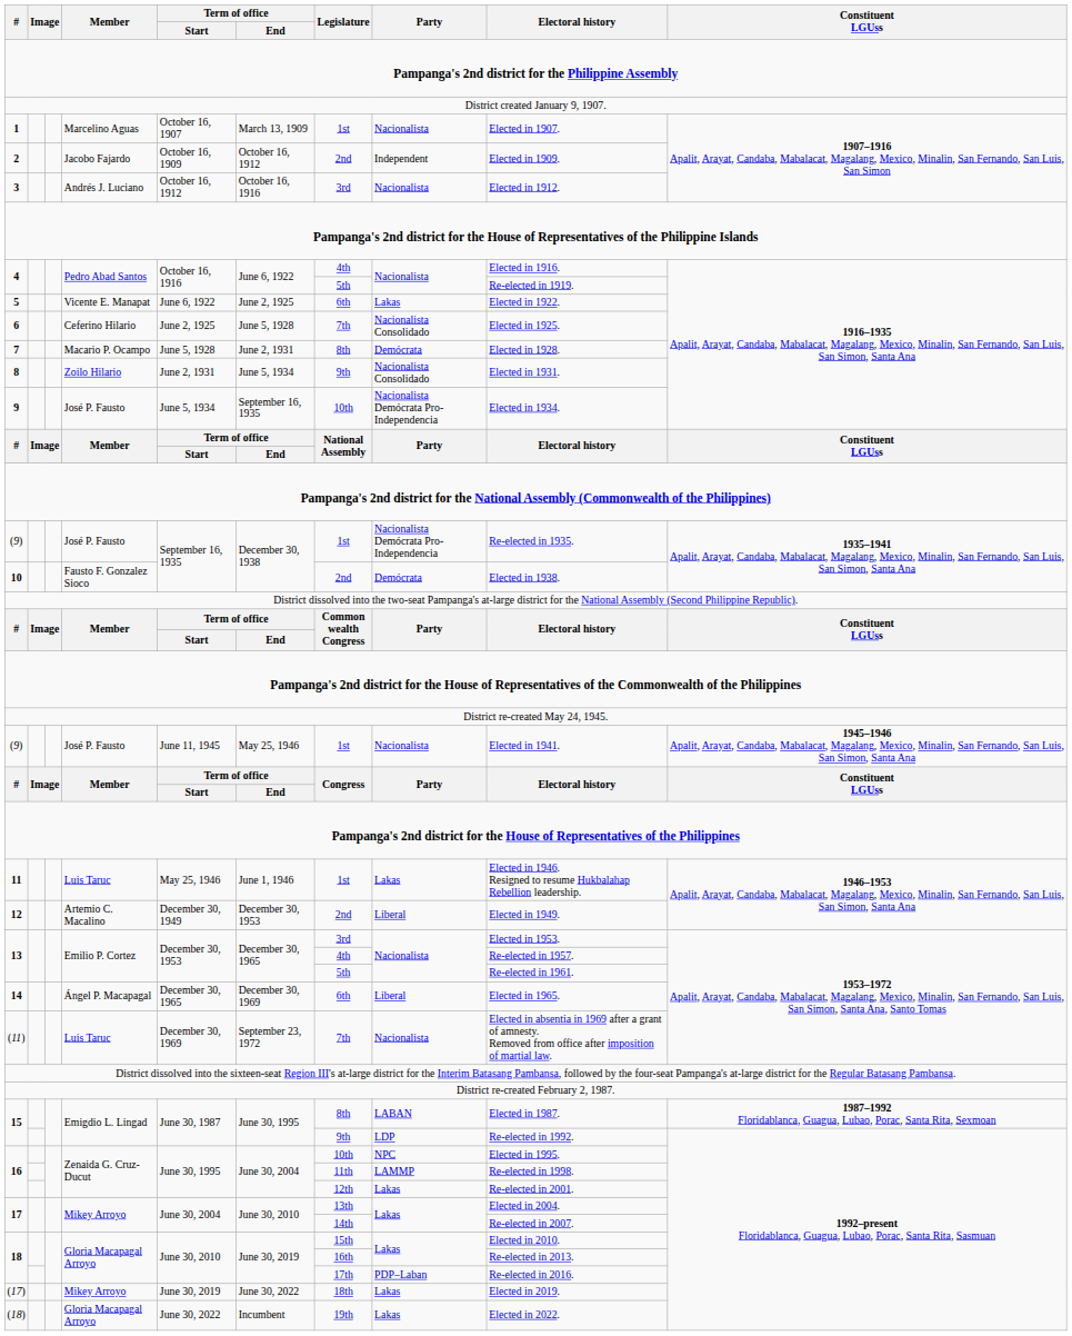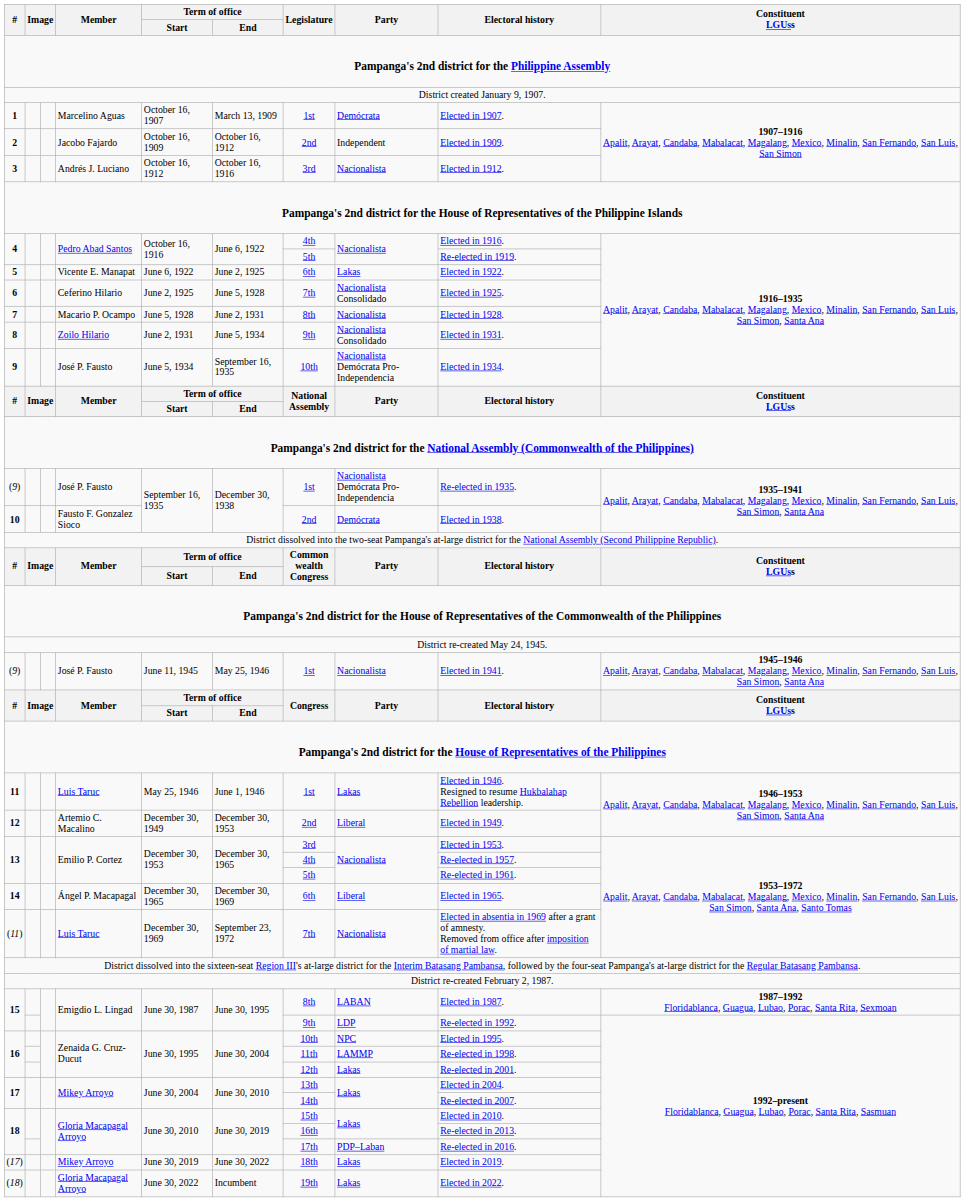 <table class=wikitable>
 <tr>
 <th rowspan="2">#</th>
 <th rowspan="2" colspan=2>Image</th>
 <th rowspan="2">Member</th>
 <th colspan=2>Term of office</th>
 <th rowspan="2">Legislature</th>
 <th rowspan="2">Party</th>
 <th rowspan="2">Electoral history</th>
 <th rowspan="2">Constituent<br><a href='#'>LGUs</a>s</th>
 </tr>
 <tr>
 <th>Start</th>
 <th>End</th>
 </tr>
 <tr>
 <td colspan="10" style="text-align:center;"><br><h3>Pampanga's 2nd district for the <a href='#'>Philippine Assembly</a></h3></td>
 </tr>
 <tr>
 <td colspan="10" style="text-align:center;">District created January 9, 1907.</td>
 </tr>
 <tr>
 <td style="text-align:center;"><strong>1</strong></td>
 <td style="color:inherit;background:"></td>
 <td></td>
 <td>Marcelino Aguas</td>
 <td>October 16, 1907</td>
 <td>March 13, 1909</td>
 <td style="text-align:center;"><a href='#'>1st</a></td>
-<td><a href='#'>Nacionalista</a></td>
+<td><a href='#'>Demócrata</a></td>
 <td><a href='#'>Elected in 1907</a>.</td>
 <td rowspan="3" style="text-align:center;"><strong>1907–1916</strong><br><a href='#'>Apalit</a>, <a href='#'>Arayat</a>, <a href='#'>Candaba</a>, <a href='#'>Mabalacat</a>, <a href='#'>Magalang</a>, <a href='#'>Mexico</a>, <a href='#'>Minalin</a>, <a href='#'>San Fernando</a>, <a href='#'>San Luis</a>, <a href='#'>San Simon</a></td>
 </tr>
 <tr>
 <td style="text-align:center;"><strong>2</strong></td>
 <td style="color:inherit;background:"></td>
 <td></td>
 <td>Jacobo Fajardo</td>
 <td>October 16, 1909</td>
 <td>October 16, 1912</td>
 <td style="text-align:center;"><a href='#'>2nd</a></td>
 <td>Independent</td>
 <td><a href='#'>Elected in 1909</a>.</td>
 </tr>
 <tr>
 <td style="text-align:center;"><strong>3</strong></td>
 <td style="color:inherit;background:"></td>
 <td></td>
 <td>Andrés J. Luciano</td>
 <td>October 16, 1912</td>
 <td>October 16, 1916</td>
 <td style="text-align:center;"><a href='#'>3rd</a></td>
 <td><a href='#'>Nacionalista</a></td>
 <td><a href='#'>Elected in 1912</a>.</td>
 </tr>
 <tr>
 <td colspan="10" style="text-align:center;"><br><h3>Pampanga's 2nd district for the House of Representatives of the Philippine Islands</h3></td>
 </tr>
 <tr>
 <td rowspan="2" style="text-align:center;"><strong>4</strong></td>
 <td rowspan="2" style="color:inherit;background:"></td>
 <td rowspan="2"></td>
 <td rowspan="2"><a href='#'>Pedro Abad Santos</a></td>
 <td rowspan="2">October 16, 1916</td>
 <td rowspan="2">June 6, 1922</td>
 <td style="text-align:center;"><a href='#'>4th</a></td>
 <td rowspan="2"><a href='#'>Nacionalista</a></td>
 <td><a href='#'>Elected in 1916</a>.</td>
 <td rowspan="7" style="text-align:center;"><strong>1916–1935</strong><br><a href='#'>Apalit</a>, <a href='#'>Arayat</a>, <a href='#'>Candaba</a>, <a href='#'>Mabalacat</a>, <a href='#'>Magalang</a>, <a href='#'>Mexico</a>, <a href='#'>Minalin</a>, <a href='#'>San Fernando</a>, <a href='#'>San Luis</a>, <a href='#'>San Simon</a>, <a href='#'>Santa Ana</a></td>
 </tr>
 <tr>
 <td style="text-align:center;"><a href='#'>5th</a></td>
 <td><a href='#'>Re-elected in 1919</a>.</td>
 </tr>
 <tr>
 <td style="text-align:center;"><strong>5</strong></td>
 <td style="color:inherit;background:"></td>
 <td></td>
 <td>Vicente E. Manapat</td>
 <td>June 6, 1922</td>
 <td>June 2, 1925</td>
 <td style="text-align:center;"><a href='#'>6th</a></td>
 <td><a href='#'>Lakas</a></td>
 <td><a href='#'>Elected in 1922</a>.</td>
 </tr>
 <tr>
 <td style="text-align:center;"><strong>6</strong></td>
 <td style="color:inherit;background:"></td>
 <td></td>
 <td>Ceferino Hilario</td>
 <td>June 2, 1925</td>
 <td>June 5, 1928</td>
 <td style="text-align:center;"><a href='#'>7th</a></td>
 <td><a href='#'>Nacionalista</a><br>Consolidado</td>
 <td><a href='#'>Elected in 1925</a>.</td>
 </tr>
 <tr>
 <td style="text-align:center;"><strong>7</strong></td>
 <td style="color:inherit;background:"></td>
 <td></td>
 <td>Macario P. Ocampo</td>
 <td>June 5, 1928</td>
 <td>June 2, 1931</td>
 <td style="text-align:center;"><a href='#'>8th</a></td>
-<td><a href='#'>Demócrata</a></td>
+<td><a href='#'>Nacionalista</a></td>
 <td><a href='#'>Elected in 1928</a>.</td>
 </tr>
 <tr>
 <td style="text-align:center;"><strong>8</strong></td>
 <td style="color:inherit;background:"></td>
 <td></td>
 <td><a href='#'>Zoilo Hilario</a></td>
 <td>June 2, 1931</td>
 <td>June 5, 1934</td>
 <td style="text-align:center;"><a href='#'>9th</a></td>
 <td><a href='#'>Nacionalista</a><br>Consolidado</td>
 <td><a href='#'>Elected in 1931</a>.</td>
 </tr>
 <tr>
 <td style="text-align:center;"><strong>9</strong></td>
 <td style="color:inherit;background:"></td>
 <td></td>
 <td>José P. Fausto</td>
 <td>June 5, 1934</td>
 <td>September 16, 1935</td>
 <td style="text-align:center;"><a href='#'>10th</a></td>
 <td><a href='#'>Nacionalista</a><br>Demócrata Pro-Independencia</td>
 <td><a href='#'>Elected in 1934</a>.</td>
 </tr>
 <tr>
 <th rowspan="2">#</th>
 <th rowspan="2" colspan=2>Image</th>
 <th rowspan="2">Member</th>
 <th colspan=2>Term of office</th>
 <th rowspan="2">National<br>Assembly</th>
 <th rowspan="2">Party</th>
 <th rowspan="2">Electoral history</th>
 <th rowspan="2">Constituent<br><a href='#'>LGUs</a>s</th>
 </tr>
 <tr>
 <th>Start</th>
 <th>End</th>
 </tr>
 <tr>
 <td colspan="10" style="text-align:center;"><br><h3>Pampanga's 2nd district for the <a href='#'>National Assembly (Commonwealth of the Philippines)</a></h3></td>
 </tr>
 <tr>
 <td style="text-align:center;">(<em>9</em>)</td>
 <td style="color:inherit;background:"></td>
 <td></td>
 <td>José P. Fausto</td>
 <td rowspan="2">September 16, 1935</td>
 <td rowspan="2">December 30, 1938</td>
 <td style="text-align:center;"><a href='#'>1st</a></td>
 <td><a href='#'>Nacionalista</a><br>Demócrata Pro-Independencia</td>
 <td><a href='#'>Re-elected in 1935</a>.</td>
 <td rowspan="2" style="text-align:center;"><strong>1935–1941</strong><br><a href='#'>Apalit</a>, <a href='#'>Arayat</a>, <a href='#'>Candaba</a>, <a href='#'>Mabalacat</a>, <a href='#'>Magalang</a>, <a href='#'>Mexico</a>, <a href='#'>Minalin</a>, <a href='#'>San Fernando</a>, <a href='#'>San Luis</a>, <a href='#'>San Simon</a>, <a href='#'>Santa Ana</a></td>
 </tr>
 <tr>
 <td style="text-align:center;"><strong>10</strong></td>
 <td style="color:inherit;background:"></td>
 <td></td>
 <td>Fausto F. Gonzalez Sioco</td>
 <td style="text-align:center;"><a href='#'>2nd</a></td>
 <td><a href='#'>Demócrata</a></td>
 <td><a href='#'>Elected in 1938</a>.</td>
 </tr>
 <tr>
 <td colspan="10" style="text-align:center;">District dissolved into the two-seat Pampanga's at-large district for the <a href='#'>National Assembly (Second Philippine Republic)</a>.</td>
 </tr>
 <tr>
 <th rowspan="2">#</th>
 <th rowspan="2" colspan=2>Image</th>
 <th rowspan="2">Member</th>
 <th colspan=2>Term of office</th>
 <th rowspan="2">Common<br>wealth<br>Congress</th>
 <th rowspan="2">Party</th>
 <th rowspan="2">Electoral history</th>
 <th rowspan="2">Constituent<br><a href='#'>LGUs</a>s</th>
 </tr>
 <tr>
 <th>Start</th>
 <th>End</th>
 </tr>
 <tr>
 <td colspan="10" style="text-align:center;"><br><h3>Pampanga's 2nd district for the House of Representatives of the Commonwealth of the Philippines</h3></td>
 </tr>
 <tr>
 <td colspan="10" style="text-align:center;">District re-created May 24, 1945.</td>
 </tr>
 <tr>
 <td style="text-align:center;">(<em>9</em>)</td>
 <td style="color:inherit;background:"></td>
 <td></td>
 <td>José P. Fausto</td>
 <td>June 11, 1945</td>
 <td>May 25, 1946</td>
 <td style="text-align:center;"><a href='#'>1st</a></td>
 <td><a href='#'>Nacionalista</a></td>
 <td><a href='#'>Elected in 1941</a>.</td>
 <td style="text-align:center;"><strong>1945–1946</strong><br><a href='#'>Apalit</a>, <a href='#'>Arayat</a>, <a href='#'>Candaba</a>, <a href='#'>Mabalacat</a>, <a href='#'>Magalang</a>, <a href='#'>Mexico</a>, <a href='#'>Minalin</a>, <a href='#'>San Fernando</a>, <a href='#'>San Luis</a>, <a href='#'>San Simon</a>, <a href='#'>Santa Ana</a></td>
 </tr>
 <tr>
 <th rowspan="2">#</th>
 <th rowspan="2" colspan=2>Image</th>
 <th rowspan="2">Member</th>
 <th colspan=2>Term of office</th>
 <th rowspan="2">Congress</th>
 <th rowspan="2">Party</th>
 <th rowspan="2">Electoral history</th>
 <th rowspan="2">Constituent<br><a href='#'>LGUs</a>s</th>
 </tr>
 <tr>
 <th>Start</th>
 <th>End</th>
 </tr>
 <tr>
 <td colspan="10" style="text-align:center;"><br><h3>Pampanga's 2nd district for the <a href='#'>House of Representatives of the Philippines</a></h3></td>
 </tr>
 <tr>
 <td style="text-align:center;"><strong>11</strong></td>
 <td style="color:inherit;background:"></td>
 <td></td>
 <td><a href='#'>Luis Taruc</a></td>
 <td>May 25, 1946</td>
 <td>June 1, 1946</td>
 <td style="text-align:center;"><a href='#'>1st</a></td>
 <td><a href='#'>Lakas</a></td>
 <td><a href='#'>Elected in 1946</a>.<br>Resigned to resume <a href='#'>Hukbalahap Rebellion</a> leadership.</td>
 <td rowspan="2" style="text-align:center;"><strong>1946–1953</strong><br><a href='#'>Apalit</a>, <a href='#'>Arayat</a>, <a href='#'>Candaba</a>, <a href='#'>Mabalacat</a>, <a href='#'>Magalang</a>, <a href='#'>Mexico</a>, <a href='#'>Minalin</a>, <a href='#'>San Fernando</a>, <a href='#'>San Luis</a>, <a href='#'>San Simon</a>, <a href='#'>Santa Ana</a></td>
 </tr>
 <tr>
 <td style="text-align:center;"><strong>12</strong></td>
 <td style="color:inherit;background:"></td>
 <td></td>
 <td>Artemio C. Macalino</td>
 <td>December 30, 1949</td>
 <td>December 30, 1953</td>
 <td style="text-align:center;"><a href='#'>2nd</a></td>
 <td><a href='#'>Liberal</a></td>
 <td><a href='#'>Elected in 1949</a>.</td>
 </tr>
 <tr>
 <td rowspan="3" style="text-align:center;"><strong>13</strong></td>
 <td rowspan="3" style="color:inherit;background:"></td>
 <td rowspan="3"></td>
 <td rowspan="3">Emilio P. Cortez</td>
 <td rowspan="3">December 30, 1953</td>
 <td rowspan="3">December 30, 1965</td>
 <td style="text-align:center;"><a href='#'>3rd</a></td>
 <td rowspan="3"><a href='#'>Nacionalista</a></td>
 <td><a href='#'>Elected in 1953</a>.</td>
 <td rowspan="5" style="text-align:center;"><strong>1953–1972</strong><br><a href='#'>Apalit</a>, <a href='#'>Arayat</a>, <a href='#'>Candaba</a>, <a href='#'>Mabalacat</a>, <a href='#'>Magalang</a>, <a href='#'>Mexico</a>, <a href='#'>Minalin</a>, <a href='#'>San Fernando</a>, <a href='#'>San Luis</a>, <a href='#'>San Simon</a>, <a href='#'>Santa Ana</a>, <a href='#'>Santo Tomas</a></td>
 </tr>
 <tr>
 <td style="text-align:center;"><a href='#'>4th</a></td>
 <td><a href='#'>Re-elected in 1957</a>.</td>
 </tr>
 <tr>
 <td style="text-align:center;"><a href='#'>5th</a></td>
 <td><a href='#'>Re-elected in 1961</a>.</td>
 </tr>
 <tr>
 <td style="text-align:center;"><strong>14</strong></td>
 <td style="color:inherit;background:"></td>
 <td></td>
 <td>Ángel P. Macapagal</td>
 <td>December 30, 1965</td>
 <td>December 30, 1969</td>
 <td style="text-align:center;"><a href='#'>6th</a></td>
 <td><a href='#'>Liberal</a></td>
 <td><a href='#'>Elected in 1965</a>.</td>
 </tr>
 <tr>
 <td style="text-align:center;">(<em>11</em>)</td>
 <td style="color:inherit;background:"></td>
 <td></td>
 <td><a href='#'>Luis Taruc</a></td>
 <td>December 30, 1969</td>
 <td>September 23, 1972</td>
 <td style="text-align:center;"><a href='#'>7th</a></td>
 <td><a href='#'>Nacionalista</a></td>
 <td><a href='#'>Elected in absentia in 1969</a> after a grant of amnesty.<br>Removed from office after <a href='#'>imposition of martial law</a>.</td>
 </tr>
 <tr>
 <td colspan="10" style="text-align:center;">District dissolved into the sixteen-seat <a href='#'>Region III</a>'s at-large district for the <a href='#'>Interim Batasang Pambansa</a>, followed by the four-seat Pampanga's at-large district for the <a href='#'>Regular Batasang Pambansa</a>.</td>
 </tr>
 <tr>
 <td colspan="10" style="text-align:center;">District re-created February 2, 1987.</td>
 </tr>
 <tr>
 <td rowspan="2" style="text-align:center;"><strong>15</strong></td>
 <td style="color:inherit;background:"></td>
 <td rowspan="2"></td>
 <td rowspan="2">Emigdio L. Lingad</td>
 <td rowspan="2">June 30, 1987</td>
 <td rowspan="2">June 30, 1995</td>
 <td style="text-align:center;"><a href='#'>8th</a></td>
 <td><a href='#'>LABAN</a></td>
 <td><a href='#'>Elected in 1987</a>.</td>
 <td style="text-align:center;"><strong>1987–1992</strong><br><a href='#'>Floridablanca</a>, <a href='#'>Guagua</a>, <a href='#'>Lubao</a>, <a href='#'>Porac</a>, <a href='#'>Santa Rita</a>, <a href='#'>Sexmoan</a></td>
 </tr>
 <tr>
 <td style="color:inherit;background:"></td>
 <td style="text-align:center;"><a href='#'>9th</a></td>
 <td><a href='#'>LDP</a></td>
 <td><a href='#'>Re-elected in 1992</a>.</td>
 <td rowspan="11" style="text-align:center;"><strong>1992–present</strong><br><a href='#'>Floridablanca</a>, <a href='#'>Guagua</a>, <a href='#'>Lubao</a>, <a href='#'>Porac</a>, <a href='#'>Santa Rita</a>, <a href='#'>Sasmuan</a></td>
 </tr>
 <tr>
 <td rowspan="3" style="text-align:center;"><strong>16</strong></td>
 <td style="color:inherit;background:"></td>
 <td rowspan="3"></td>
 <td rowspan="3">Zenaida G. Cruz-Ducut</td>
 <td rowspan="3">June 30, 1995</td>
 <td rowspan="3">June 30, 2004</td>
 <td style="text-align:center;"><a href='#'>10th</a></td>
 <td><a href='#'>NPC</a></td>
 <td><a href='#'>Elected in 1995</a>.</td>
 </tr>
 <tr>
 <td style="color:inherit;background:"></td>
 <td style="text-align:center;"><a href='#'>11th</a></td>
 <td><a href='#'>LAMMP</a></td>
 <td><a href='#'>Re-elected in 1998</a>.</td>
 </tr>
 <tr>
 <td style="color:inherit;background:"></td>
 <td style="text-align:center;"><a href='#'>12th</a></td>
 <td><a href='#'>Lakas</a></td>
 <td><a href='#'>Re-elected in 2001</a>.</td>
 </tr>
 <tr>
 <td rowspan="2" style="text-align:center;"><strong>17</strong></td>
 <td rowspan="2" style="color:inherit;background:"></td>
 <td rowspan="2"></td>
 <td rowspan="2"><a href='#'>Mikey Arroyo</a></td>
 <td rowspan="2">June 30, 2004</td>
 <td rowspan="2">June 30, 2010</td>
 <td style="text-align:center;"><a href='#'>13th</a></td>
 <td rowspan="2"><a href='#'>Lakas</a></td>
 <td><a href='#'>Elected in 2004</a>.</td>
 </tr>
 <tr>
 <td style="text-align:center;"><a href='#'>14th</a></td>
 <td><a href='#'>Re-elected in 2007</a>.</td>
 </tr>
 <tr>
 <td rowspan="3" style="text-align:center;"><strong>18</strong></td>
 <td rowspan="2" style="color:inherit;background:"></td>
 <td rowspan="3"></td>
 <td rowspan="3"><a href='#'>Gloria Macapagal Arroyo</a></td>
 <td rowspan="3">June 30, 2010</td>
 <td rowspan="3">June 30, 2019</td>
 <td style="text-align:center;"><a href='#'>15th</a></td>
 <td rowspan="2"><a href='#'>Lakas</a></td>
 <td><a href='#'>Elected in 2010</a>.</td>
 </tr>
 <tr>
 <td style="text-align:center;"><a href='#'>16th</a></td>
 <td><a href='#'>Re-elected in 2013</a>.</td>
 </tr>
 <tr>
 <td style="color:inherit;background:"></td>
 <td style="text-align:center;"><a href='#'>17th</a></td>
 <td><a href='#'>PDP–Laban</a></td>
 <td><a href='#'>Re-elected in 2016</a>.</td>
 </tr>
 <tr>
 <td style="text-align:center;">(<em>17</em>)</td>
 <td style="color:inherit;background:"></td>
 <td></td>
 <td><a href='#'>Mikey Arroyo</a></td>
 <td>June 30, 2019</td>
 <td>June 30, 2022</td>
 <td style="text-align:center;"><a href='#'>18th</a></td>
 <td><a href='#'>Lakas</a></td>
 <td><a href='#'>Elected in 2019</a>.</td>
 </tr>
 <tr>
 <td rowspan="3" style="text-align:center;">(<em>18</em>)</td>
 <td rowspan="2" style="color:inherit;background:"></td>
 <td rowspan="3"></td>
 <td rowspan="3"><a href='#'>Gloria Macapagal Arroyo</a></td>
 <td rowspan="3">June 30, 2022</td>
 <td rowspan="3">Incumbent</td>
 <td style="text-align:center;"><a href='#'>19th</a></td>
 <td rowspan="2"><a href='#'>Lakas</a></td>
 <td><a href='#'>Elected in 2022</a>.</td>
 </tr>
 </table>
